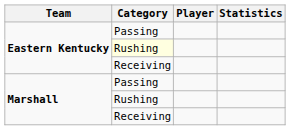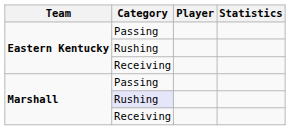 <table class="wikitable" style="float: right;">
 <tr>
 <th>Team</th>
 <th>Category</th>
 <th>Player</th>
 <th>Statistics</th>
 </tr>
 <tr>
 <td rowspan=3><strong>Eastern Kentucky</strong></td>
 <td>Passing</td>
 <td></td>
 <td></td>
 </tr>
 <tr>
-<td style="background: lightyellow;">Rushing</td>
+<td>Rushing</td>
 <td></td>
 <td></td>
 </tr>
 <tr>
 <td>Receiving</td>
 <td></td>
 <td></td>
 </tr>
 <tr>
 <td rowspan=3><strong>Marshall</strong></td>
 <td>Passing</td>
 <td></td>
 <td></td>
 </tr>
 <tr>
-<td>Rushing</td>
+<td style="background: lavender;">Rushing</td>
 <td></td>
 <td></td>
 </tr>
 <tr>
 <td>Receiving</td>
 <td></td>
 <td></td>
 </tr>
 </table>
